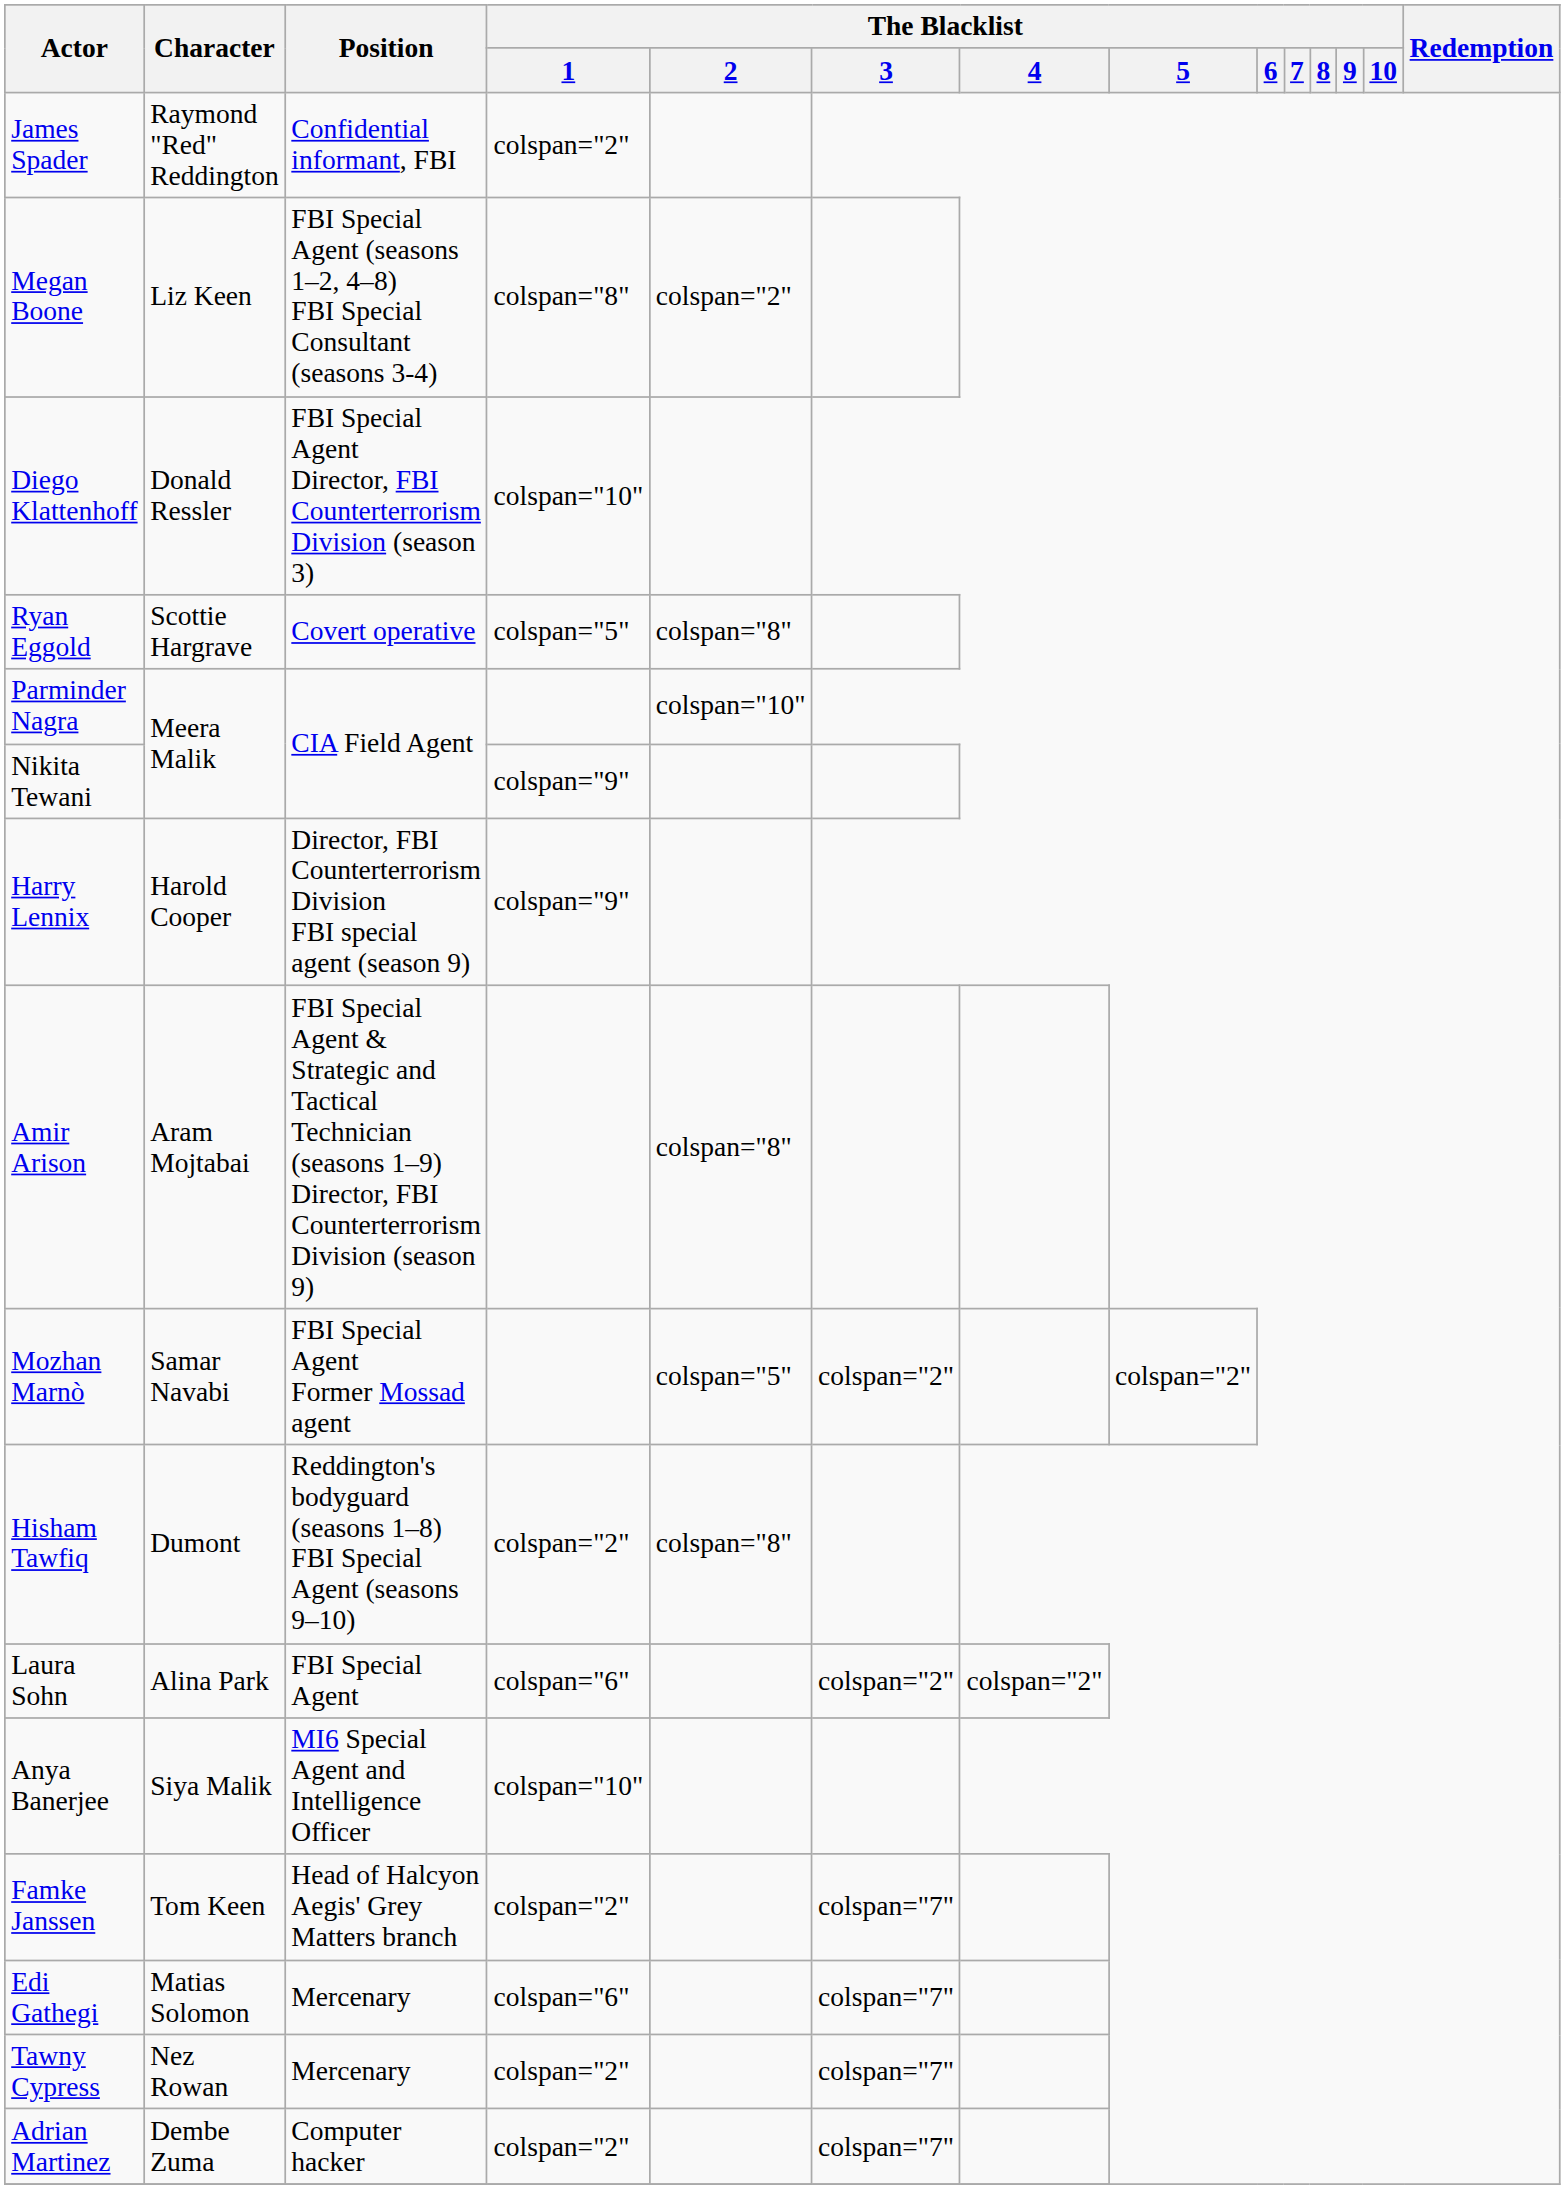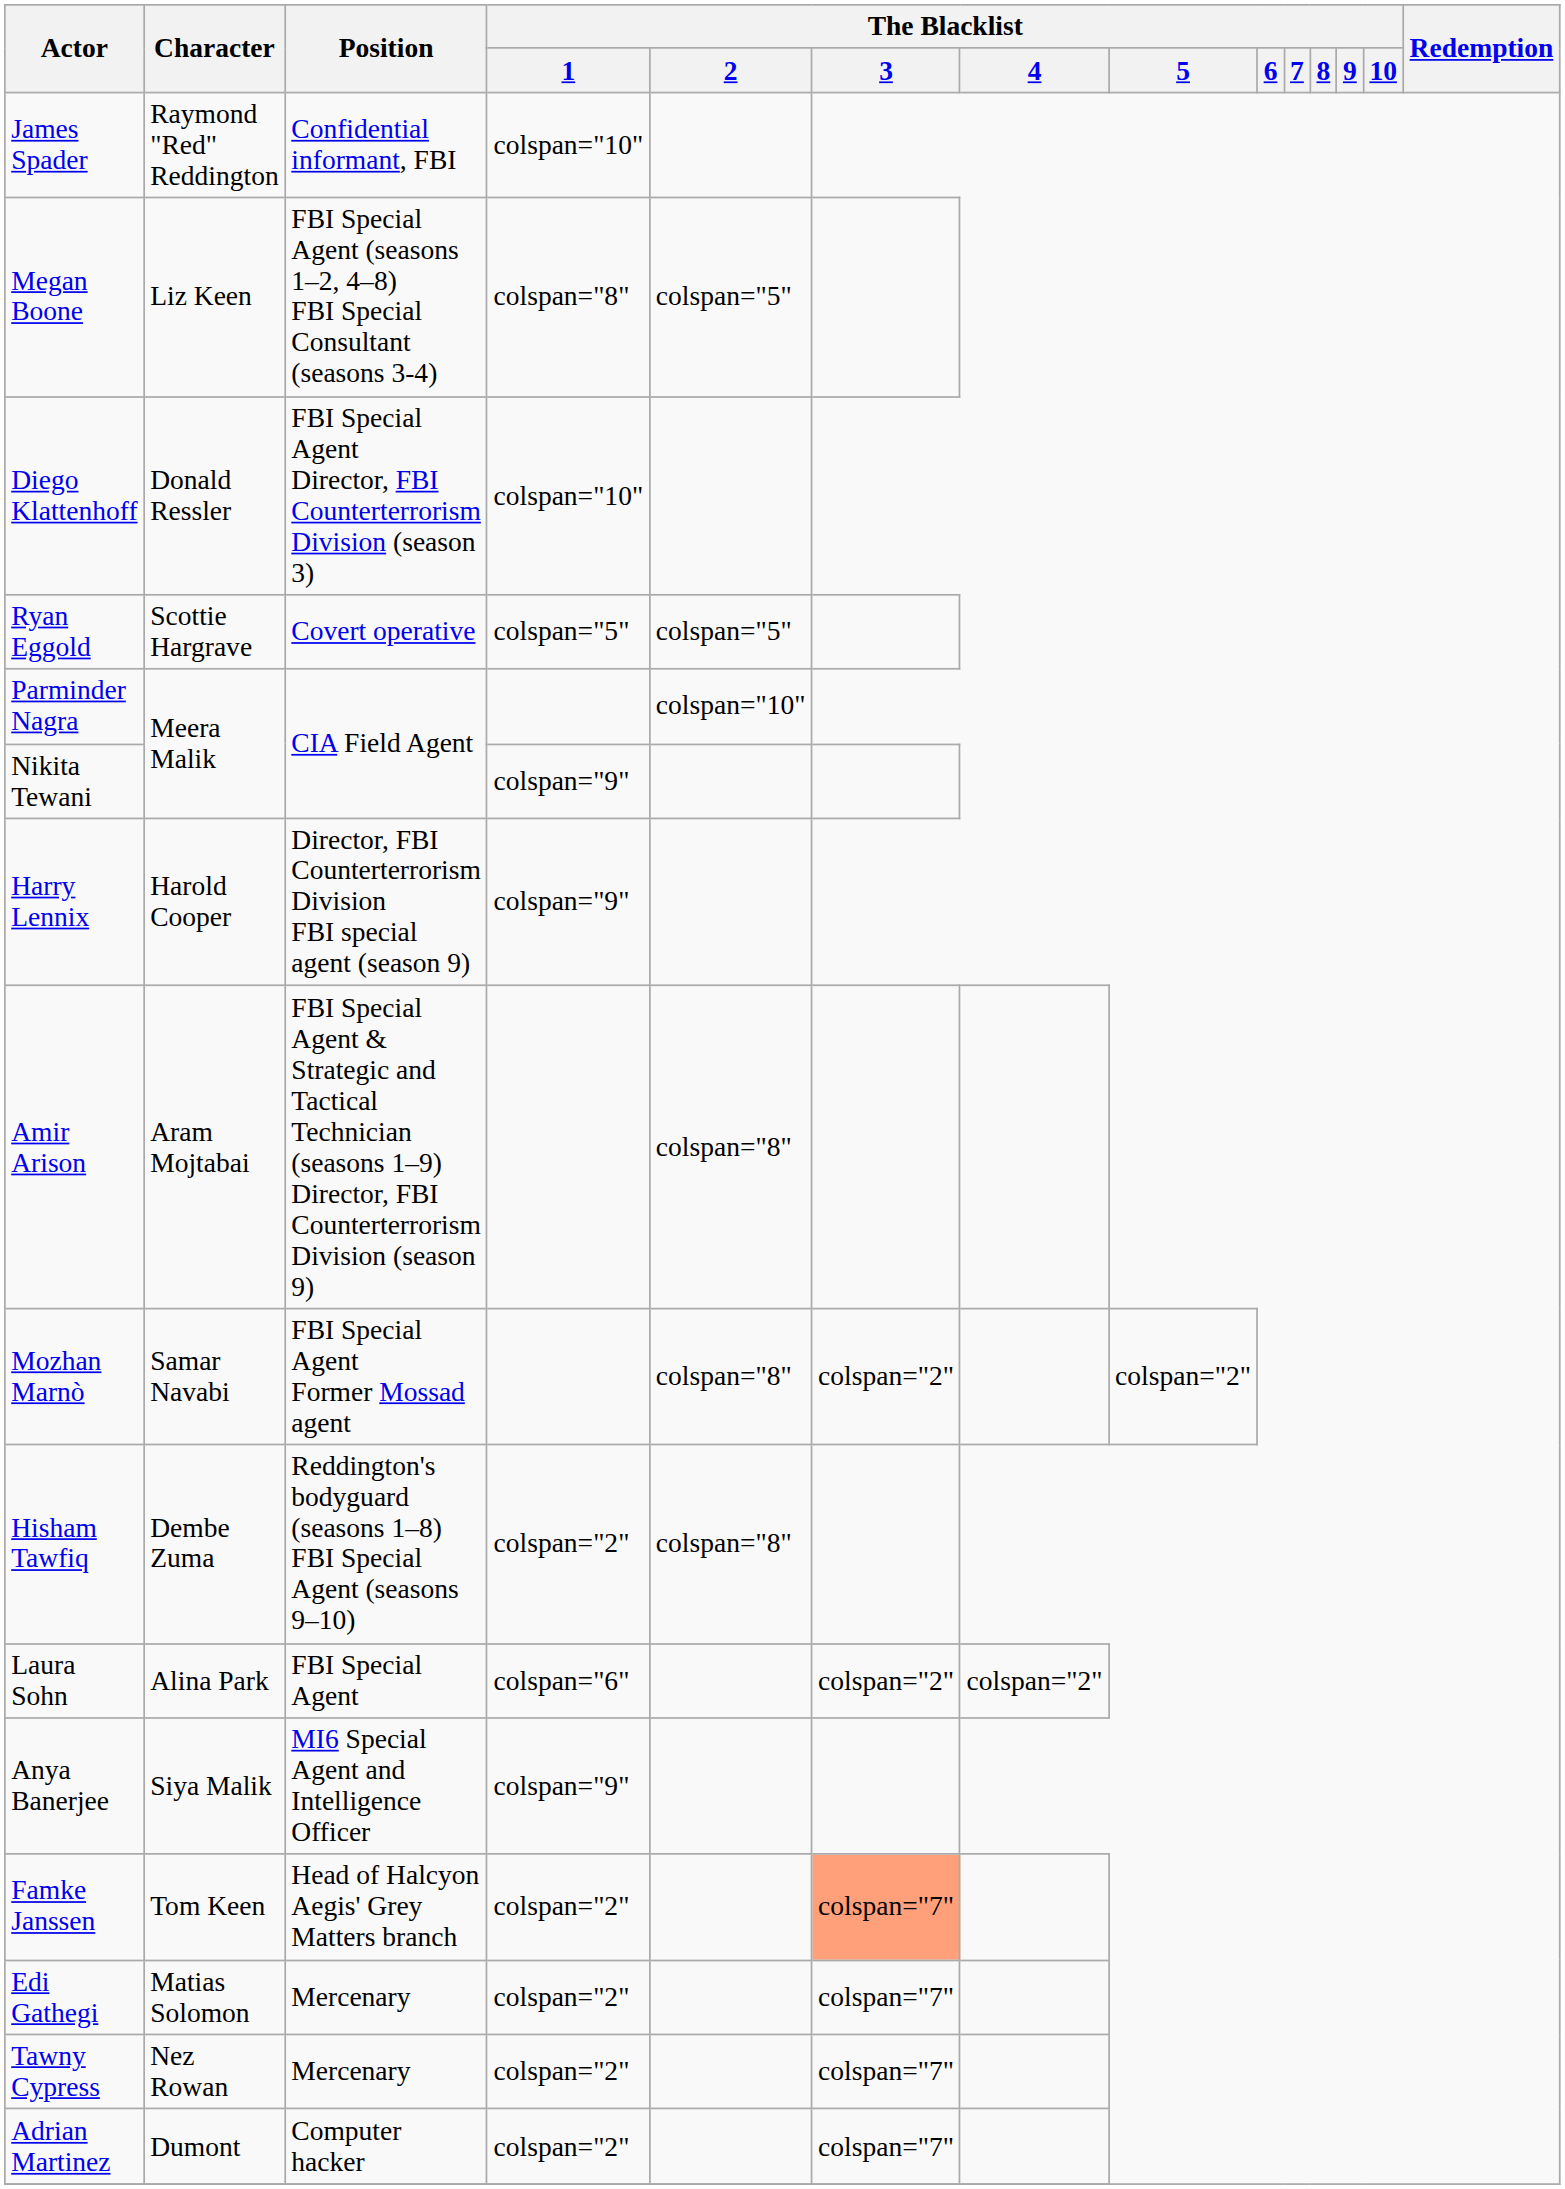 <table class="wikitable">
 <tr>
 <th rowspan="2">Actor</th>
 <th rowspan="2">Character</th>
 <th rowspan="2">Position</th>
 <th colspan="10">The Blacklist</th>
 <th rowspan="2"><a href='#'>Redemption</a></th>
 </tr>
 <tr>
 <th style="width:5%;"><a href='#'>1</a></th>
 <th style="width:5%;"><a href='#'>2</a></th>
 <th style="width:5%;"><a href='#'>3</a></th>
 <th style="width:5%;"><a href='#'>4</a></th>
 <th style="width:5%;"><a href='#'>5</a></th>
 <th style="width:5%;"><a href='#'>6</a></th>
 <th style="width:5%;"><a href='#'>7</a></th>
 <th style="width:5%;"><a href='#'>8</a></th>
 <th style="width:5%;"><a href='#'>9</a></th>
 <th style="width:5%;"><a href='#'>10</a></th>
 </tr>
 <tr>
 <td><a href='#'>James Spader</a></td>
 <td>Raymond "Red" Reddington</td>
 <td><a href='#'>Confidential informant</a>, FBI</td>
-<td>colspan="2" </td>
+<td>colspan="10" </td>
 <td></td>
 </tr>
 <tr>
 <td><a href='#'>Megan Boone</a></td>
 <td>Liz Keen</td>
 <td>FBI Special Agent (seasons 1–2, 4–8)<br>FBI Special Consultant (seasons 3-4)</td>
 <td>colspan="8" </td>
-<td>colspan="2" </td>
+<td>colspan="5" </td>
 <td></td>
 </tr>
 <tr>
 <td><a href='#'>Diego Klattenhoff</a></td>
 <td>Donald Ressler</td>
 <td>FBI Special Agent<br>Director, <a href='#'>FBI Counterterrorism Division</a> (season 3)</td>
 <td>colspan="10" </td>
 <td></td>
 </tr>
 <tr>
 <td><a href='#'>Ryan Eggold</a></td>
 <td>Scottie Hargrave</td>
 <td><a href='#'>Covert operative</a></td>
 <td>colspan="5" </td>
-<td>colspan="8" </td>
+<td>colspan="5" </td>
 <td></td>
 </tr>
 <tr>
 <td><a href='#'>Parminder Nagra</a></td>
 <td rowspan="2">Meera Malik</td>
 <td rowspan="2"><a href='#'>CIA</a> Field Agent</td>
 <td></td>
 <td>colspan="10" </td>
 </tr>
 <tr>
 <td>Nikita Tewani</td>
 <td>colspan="9" </td>
 <td></td>
 <td></td>
 </tr>
 <tr>
 <td><a href='#'>Harry Lennix</a></td>
 <td>Harold Cooper</td>
 <td>Director, FBI Counterterrorism Division<br>FBI special agent (season 9)</td>
 <td>colspan="9" </td>
 <td></td>
 </tr>
 <tr>
 <td><a href='#'>Amir Arison</a></td>
 <td>Aram Mojtabai</td>
 <td>FBI Special Agent & Strategic and Tactical Technician (seasons 1–9)<br>Director, FBI Counterterrorism Division (season 9)</td>
 <td></td>
 <td>colspan="8" </td>
 <td></td>
 <td></td>
 </tr>
 <tr>
 <td><a href='#'>Mozhan Marnò</a></td>
 <td>Samar Navabi</td>
 <td>FBI Special Agent<br>Former <a href='#'>Mossad</a> agent</td>
 <td></td>
-<td>colspan="5" </td>
+<td>colspan="8" </td>
 <td>colspan="2" </td>
 <td></td>
 <td>colspan="2" </td>
 </tr>
 <tr>
 <td><a href='#'>Hisham Tawfiq</a></td>
-<td>Dumont</td>
+<td>Dembe Zuma</td>
 <td>Reddington's bodyguard (seasons 1–8)<br>FBI Special Agent (seasons 9–10)</td>
 <td>colspan="2" </td>
 <td>colspan="8" </td>
 <td></td>
 </tr>
 <tr>
 <td>Laura Sohn</td>
 <td>Alina Park</td>
 <td>FBI Special Agent</td>
 <td>colspan="6" </td>
 <td></td>
 <td>colspan="2" </td>
 <td>colspan="2" </td>
 </tr>
 <tr>
 <td>Anya Banerjee</td>
 <td>Siya Malik</td>
 <td><a href='#'>MI6</a> Special Agent and Intelligence Officer</td>
-<td>colspan="10" </td>
+<td>colspan="9" </td>
 <td></td>
 <td></td>
 </tr>
 <tr>
 <td><a href='#'>Famke Janssen</a></td>
 <td>Tom Keen</td>
 <td>Head of Halcyon Aegis' Grey Matters branch</td>
 <td>colspan="2" </td>
 <td></td>
-<td>colspan="7" </td>
+<td style="background: lightsalmon;">colspan="7" </td>
 <td></td>
 </tr>
 <tr>
 <td><a href='#'>Edi Gathegi</a></td>
 <td>Matias Solomon</td>
 <td>Mercenary</td>
-<td>colspan="6" </td>
+<td>colspan="2" </td>
 <td></td>
 <td>colspan="7" </td>
 <td></td>
 </tr>
 <tr>
 <td><a href='#'>Tawny Cypress</a></td>
 <td>Nez Rowan</td>
 <td>Mercenary</td>
 <td>colspan="2" </td>
 <td></td>
 <td>colspan="7" </td>
 <td></td>
 </tr>
 <tr>
 <td><a href='#'>Adrian Martinez</a></td>
-<td>Dembe Zuma</td>
+<td>Dumont</td>
 <td>Computer hacker</td>
 <td>colspan="2" </td>
 <td></td>
 <td>colspan="7" </td>
 <td></td>
 </tr>
 <tr>
 </tr>
 </table>
